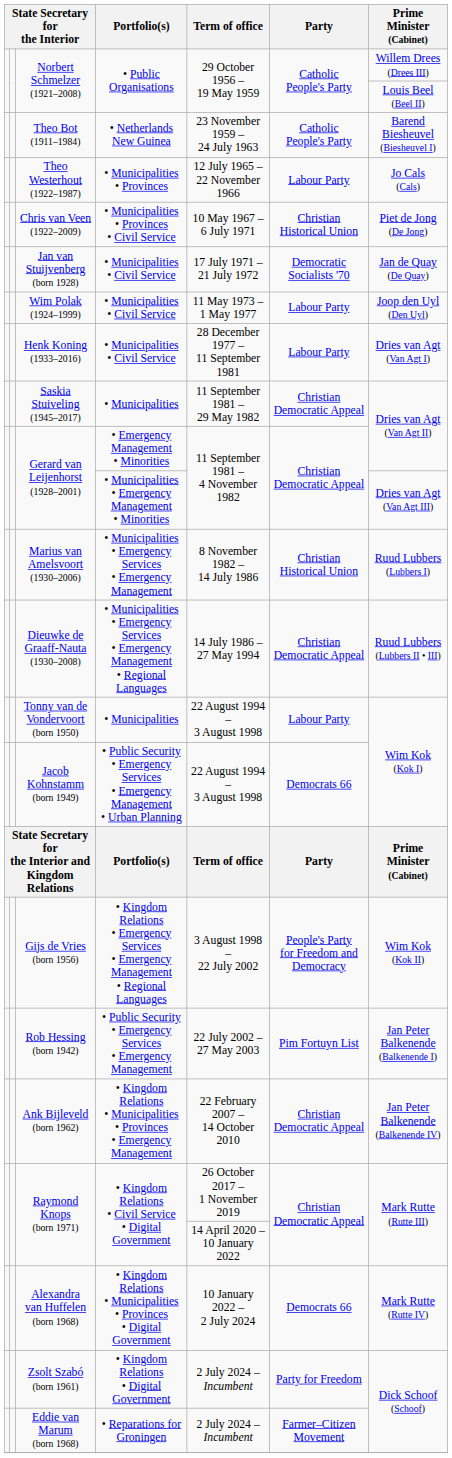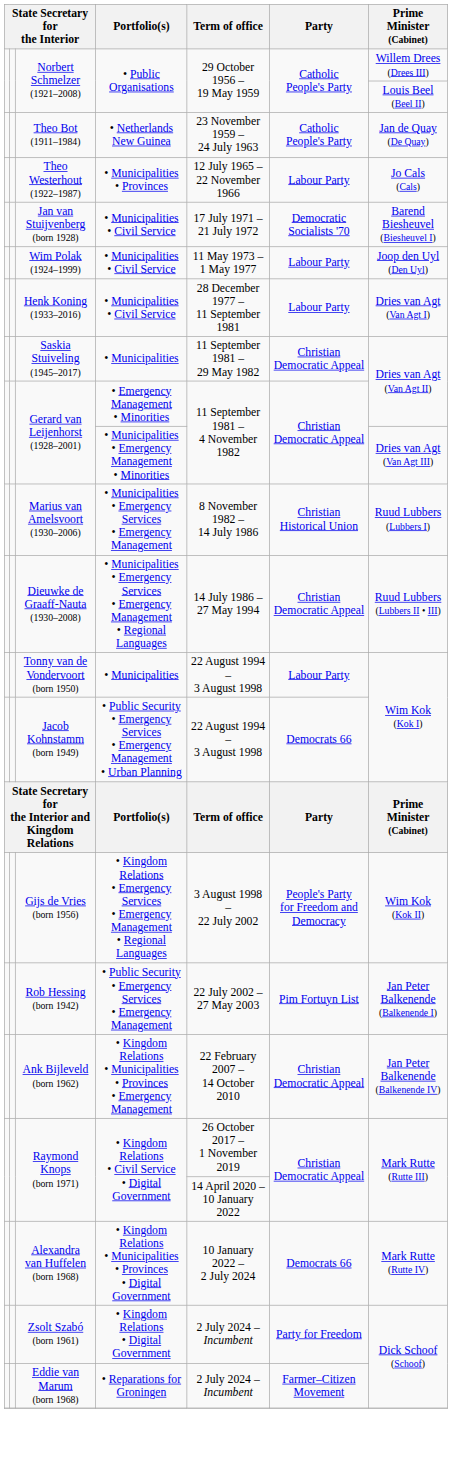 <table class="wikitable" style="text-align:center">
 <tr>
 <th colspan=3>State Secretary for <br> the Interior</th>
 <th>Portfolio(s)</th>
 <th>Term of office</th>
 <th>Party</th>
 <th>Prime Minister <br> <small>(Cabinet)</small></th>
 </tr>
 <tr>
 <td rowspan=2 style="background:"></td>
 <td rowspan=2></td>
 <td rowspan=2><a href='#'>Norbert Schmelzer</a> <br> <small>(1921–2008)</small></td>
 <td rowspan=2>• <a href='#'>Public <br> Organisations</a></td>
 <td rowspan=2>29 October 1956 – <br> 19 May 1959</td>
 <td rowspan=2><a href='#'>Catholic <br> People's Party</a></td>
 <td><a href='#'>Willem Drees</a> <br> <small>(<a href='#'>Drees III</a>)</small> <br></td>
 </tr>
 <tr>
 <td><a href='#'>Louis Beel</a> <br> <small>(<a href='#'>Beel II</a>)</small> <br></td>
 </tr>
 <tr>
 <td style="background:"></td>
 <td></td>
 <td><a href='#'>Theo Bot</a> <br> <small>(1911–1984)</small></td>
 <td>• <a href='#'>Netherlands <br> New Guinea</a></td>
 <td>23 November 1959 – <br> 24 July 1963</td>
 <td><a href='#'>Catholic <br> People's Party</a></td>
-<td><a href='#'>Barend Biesheuvel</a> <br> <small>(<a href='#'>Biesheuvel I</a>)</small> <br></td>
+<td><a href='#'>Jan de Quay</a> <br> <small>(<a href='#'>De Quay</a>)</small> <br></td>
 </tr>
 <tr>
 <td style="background:"></td>
 <td></td>
 <td><a href='#'>Theo Westerhout</a> <br> <small>(1922–1987)</small></td>
 <td>• <a href='#'>Municipalities</a> <br> • <a href='#'>Provinces</a></td>
 <td>12 July 1965 – <br> 22 November 1966</td>
 <td><a href='#'>Labour Party</a></td>
 <td><a href='#'>Jo Cals</a> <br> <small>(<a href='#'>Cals</a>)</small> <br></td>
 </tr>
 <tr>
 <td style="background:"></td>
 <td></td>
-<td><a href='#'>Chris van Veen</a> <br> <small>(1922–2009)</small></td>
-<td>• <a href='#'>Municipalities</a> <br> • <a href='#'>Provinces</a> <br> • <a href='#'>Civil Service</a></td>
-<td>10 May 1967 – <br> 6 July 1971</td>
-<td><a href='#'>Christian <br> Historical Union</a></td>
-<td><a href='#'>Piet de Jong</a> <br> <small>(<a href='#'>De Jong</a>)</small> <br></td>
-</tr>
-<tr>
-<td style="background:"></td>
-<td></td>
 <td><a href='#'>Jan van <br> Stuijvenberg</a> <br> <small>(born 1928)</small></td>
 <td>• <a href='#'>Municipalities</a> <br> • <a href='#'>Civil Service</a></td>
 <td>17 July 1971 – <br> 21 July 1972 <br> </td>
 <td><a href='#'>Democratic <br> Socialists '70</a></td>
-<td><a href='#'>Jan de Quay</a> <br> <small>(<a href='#'>De Quay</a>)</small> <br></td>
+<td><a href='#'>Barend Biesheuvel</a> <br> <small>(<a href='#'>Biesheuvel I</a>)</small> <br></td>
 </tr>
 <tr>
 <td style="background:"></td>
 <td></td>
 <td><a href='#'>Wim Polak</a> <br> <small>(1924–1999)</small></td>
 <td>• <a href='#'>Municipalities</a> <br> • <a href='#'>Civil Service</a></td>
 <td>11 May 1973 – <br> 1 May 1977 <br> </td>
 <td><a href='#'>Labour Party</a></td>
 <td><a href='#'>Joop den Uyl</a> <br> <small>(<a href='#'>Den Uyl</a>)</small> <br></td>
 </tr>
 <tr>
 <td style="background:"></td>
 <td></td>
 <td><a href='#'>Henk Koning</a> <br> <small>(1933–2016)</small></td>
 <td>• <a href='#'>Municipalities</a> <br> • <a href='#'>Civil Service</a></td>
 <td>28 December 1977 – <br> 11 September 1981</td>
 <td><a href='#'>Labour Party</a></td>
 <td><a href='#'>Dries van Agt</a> <br> <small>(<a href='#'>Van Agt I</a>)</small> <br></td>
 </tr>
 <tr>
 <td style="background:"></td>
 <td></td>
 <td><a href='#'>Saskia Stuiveling</a> <br> <small>(1945–2017)</small></td>
 <td>• <a href='#'>Municipalities</a></td>
 <td>11 September 1981 – <br> 29 May 1982 <br> </td>
 <td><a href='#'>Christian <br> Democratic Appeal</a></td>
 <td rowspan=2><a href='#'>Dries van Agt</a> <br> <small>(<a href='#'>Van Agt II</a>)</small> <br></td>
 </tr>
 <tr>
 <td rowspan=2 style="background:"></td>
 <td rowspan=2></td>
 <td rowspan=2><a href='#'>Gerard van <br> Leijenhorst</a> <br> <small>(1928–2001)</small></td>
 <td>• <a href='#'>Emergency <br> Management</a> <br> • <a href='#'>Minorities</a></td>
 <td rowspan=2>11 September 1981 – <br> 4 November 1982</td>
 <td rowspan=2><a href='#'>Christian <br> Democratic Appeal</a></td>
 </tr>
 <tr>
 <td>• <a href='#'>Municipalities</a> <br> • <a href='#'>Emergency <br> Management</a> <br> • <a href='#'>Minorities</a></td>
 <td><a href='#'>Dries van Agt</a> <br> <small>(<a href='#'>Van Agt III</a>)</small> <br></td>
 </tr>
 <tr>
 <td style="background:"></td>
 <td></td>
 <td><a href='#'>Marius van <br> Amelsvoort</a> <br> <small>(1930–2006)</small></td>
 <td>• <a href='#'>Municipalities</a> <br> • <a href='#'>Emergency <br> Services</a> <br> • <a href='#'>Emergency <br> Management</a></td>
 <td>8 November 1982 – <br> 14 July 1986</td>
 <td><a href='#'>Christian <br> Historical Union</a></td>
 <td><a href='#'>Ruud Lubbers</a> <br> <small>(<a href='#'>Lubbers I</a>)</small> <br></td>
 </tr>
 <tr>
 <td style="background:"></td>
 <td></td>
 <td><a href='#'>Dieuwke de <br> Graaff-Nauta</a> <br> <small>(1930–2008)</small></td>
 <td>• <a href='#'>Municipalities</a> <br> • <a href='#'>Emergency <br> Services</a> <br> • <a href='#'>Emergency <br> Management</a> <br> • <a href='#'>Regional <br> Languages</a></td>
 <td>14 July 1986 – <br> 27 May 1994 <br> </td>
 <td><a href='#'>Christian <br> Democratic Appeal</a></td>
 <td><a href='#'>Ruud Lubbers</a> <br> <small>(<a href='#'>Lubbers II</a> • <a href='#'>III</a>)</small> <br></td>
 </tr>
 <tr>
 <td style="background:"></td>
 <td></td>
 <td><a href='#'>Tonny van de <br> Vondervoort</a> <br> <small>(born 1950)</small></td>
 <td>• <a href='#'>Municipalities</a></td>
 <td>22 August 1994 – <br> 3 August 1998</td>
 <td><a href='#'>Labour Party</a></td>
 <td rowspan=2><a href='#'>Wim Kok</a> <br> <small>(<a href='#'>Kok I</a>)</small> <br></td>
 </tr>
 <tr>
 <td style="background:"></td>
 <td></td>
 <td><a href='#'>Jacob Kohnstamm</a> <br> <small>(born 1949)</small></td>
 <td>• <a href='#'>Public Security</a> <br> • <a href='#'>Emergency <br> Services</a> <br> • <a href='#'>Emergency <br> Management</a> <br> • <a href='#'>Urban Planning</a></td>
 <td>22 August 1994 – <br> 3 August 1998</td>
 <td><a href='#'>Democrats 66</a></td>
 </tr>
 <tr>
 <th colspan=3>State Secretary for <br> the Interior and <br> Kingdom Relations</th>
 <th>Portfolio(s)</th>
 <th>Term of office</th>
 <th>Party</th>
 <th>Prime Minister <br> <small>(Cabinet)</small></th>
 </tr>
 <tr>
 <td style="background:"></td>
 <td></td>
 <td><a href='#'>Gijs de Vries</a> <br> <small>(born 1956)</small></td>
 <td>• <a href='#'>Kingdom <br> Relations</a> <br> • <a href='#'>Emergency <br> Services</a> <br> • <a href='#'>Emergency <br> Management</a> <br> • <a href='#'>Regional <br> Languages</a></td>
 <td>3 August 1998 – <br> 22 July 2002</td>
 <td><a href='#'>People's Party <br> for Freedom and <br> Democracy</a></td>
 <td><a href='#'>Wim Kok</a> <br> <small>(<a href='#'>Kok II</a>)</small> <br></td>
 </tr>
 <tr>
 <td style="background:"></td>
 <td></td>
 <td><a href='#'>Rob Hessing</a> <br> <small>(born 1942)</small></td>
 <td>• <a href='#'>Public Security</a> <br> • <a href='#'>Emergency <br> Services</a> <br> • <a href='#'>Emergency <br> Management</a></td>
 <td>22 July 2002 – <br> 27 May 2003</td>
 <td><a href='#'>Pim Fortuyn List</a></td>
 <td><a href='#'>Jan Peter <br> Balkenende</a> <br> <small>(<a href='#'>Balkenende I</a>)</small> <br></td>
 </tr>
 <tr>
 <td style="background:"></td>
 <td></td>
 <td><a href='#'>Ank Bijleveld</a> <br> <small>(born 1962)</small></td>
 <td>• <a href='#'>Kingdom <br> Relations</a> <br> • <a href='#'>Municipalities</a> <br> • <a href='#'>Provinces</a> <br> • <a href='#'>Emergency <br> Management</a></td>
 <td>22 February 2007 – <br> 14 October 2010</td>
 <td><a href='#'>Christian <br> Democratic Appeal</a></td>
 <td><a href='#'>Jan Peter <br> Balkenende</a> <br> <small>(<a href='#'>Balkenende IV</a>)</small> <br></td>
 </tr>
 <tr>
 <td rowspan=2 style="background:"></td>
 <td rowspan=2></td>
 <td rowspan=2><a href='#'>Raymond Knops</a> <br> <small>(born 1971)</small></td>
 <td rowspan=2>• <a href='#'>Kingdom <br> Relations</a> <br> • <a href='#'>Civil Service</a> <br> • <a href='#'>Digital Government</a></td>
 <td>26 October 2017 – <br> 1 November 2019 <br> </td>
 <td rowspan=2><a href='#'>Christian <br> Democratic Appeal</a></td>
 <td rowspan=2><a href='#'>Mark Rutte</a> <br> <small>(<a href='#'>Rutte III</a>)</small> <br></td>
 </tr>
 <tr>
 <td>14 April 2020 – <br> 10 January 2022</td>
 </tr>
 <tr>
 <td style="background:"></td>
 <td></td>
 <td><a href='#'>Alexandra <br> van Huffelen</a> <br> <small>(born 1968)</small></td>
 <td>• <a href='#'>Kingdom <br> Relations</a> <br> • <a href='#'>Municipalities</a> <br> • <a href='#'>Provinces</a> <br> • <a href='#'>Digital Government</a></td>
 <td>10 January 2022 – <br> 2 July 2024</td>
 <td><a href='#'>Democrats 66</a></td>
 <td><a href='#'>Mark Rutte</a> <br> <small>(<a href='#'>Rutte IV</a>)</small> <br></td>
 </tr>
 <tr>
 <td style="background:"></td>
 <td></td>
 <td><a href='#'>Zsolt Szabó</a> <br> <small>(born 1961)</small></td>
 <td>• <a href='#'>Kingdom <br> Relations</a> <br> • <a href='#'>Digital Government</a></td>
 <td>2 July 2024 – <br> <em>Incumbent</em></td>
 <td><a href='#'>Party for Freedom</a></td>
 <td rowspan=2><a href='#'>Dick Schoof</a> <br> <small>(<a href='#'>Schoof</a>)</small> <br></td>
 </tr>
 <tr>
 <td style="background:"></td>
 <td></td>
 <td><a href='#'>Eddie van Marum</a> <br> <small>(born 1968)</small></td>
 <td>• <a href='#'>Reparations for <br> Groningen</a></td>
 <td>2 July 2024 – <br> <em>Incumbent</em></td>
 <td><a href='#'>Farmer–Citizen Movement</a></td>
 </tr>
 <tr>
 </tr>
 </table>
